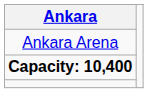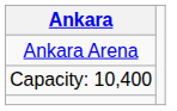 <table class="wikitable" style="text-align:center">
 <tr>
 <th><a href='#'>Ankara</a></th>
 <td rowspan=4></td>
 </tr>
 <tr>
 <td><a href='#'>Ankara Arena</a></td>
 </tr>
 <tr>
-<td><strong>Capacity: 10,400</strong></td>
+<td>Capacity: 10,400</td>
 </tr>
 <tr>
 <td></td>
 </tr>
 </table>
